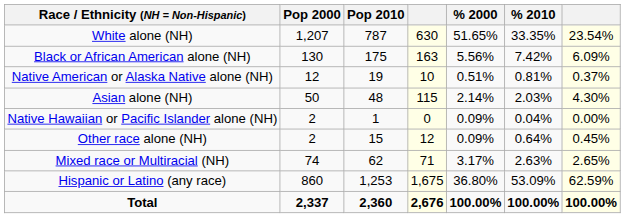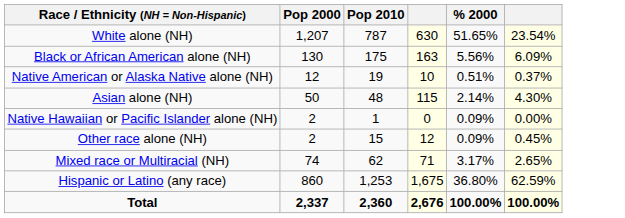 <table class="wikitable" style="text-align:center;">
 <tr>
 <th>Race / Ethnicity <small>(<em>NH = Non-Hispanic</em>)</small></th>
 <th>Pop 2000</th>
 <th>Pop 2010</th>
 <th></th>
 <th>% 2000</th>
-<th>% 2010</th>
 <th></th>
 </tr>
 <tr>
 <td><a href='#'>White</a> alone (NH)</td>
 <td>1,207</td>
 <td>787</td>
 <td style='background: #ffffe6;'>630</td>
 <td>51.65%</td>
-<td>33.35%</td>
 <td style='background: #ffffe6;'>23.54%</td>
 </tr>
 <tr>
 <td><a href='#'>Black or African American</a> alone (NH)</td>
 <td>130</td>
 <td>175</td>
 <td style='background: #ffffe6;'>163</td>
 <td>5.56%</td>
-<td>7.42%</td>
 <td style='background: #ffffe6;'>6.09%</td>
 </tr>
 <tr>
 <td><a href='#'>Native American</a> or <a href='#'>Alaska Native</a> alone (NH)</td>
 <td>12</td>
 <td>19</td>
 <td style='background: #ffffe6;'>10</td>
 <td>0.51%</td>
-<td>0.81%</td>
 <td style='background: #ffffe6;'>0.37%</td>
 </tr>
 <tr>
 <td><a href='#'>Asian</a> alone (NH)</td>
 <td>50</td>
 <td>48</td>
 <td style='background: #ffffe6;'>115</td>
 <td>2.14%</td>
-<td>2.03%</td>
 <td style='background: #ffffe6;'>4.30%</td>
 </tr>
 <tr>
 <td><a href='#'>Native Hawaiian</a> or <a href='#'>Pacific Islander</a> alone (NH)</td>
 <td>2</td>
 <td>1</td>
 <td style='background: #ffffe6;'>0</td>
 <td>0.09%</td>
-<td>0.04%</td>
 <td style='background: #ffffe6;'>0.00%</td>
 </tr>
 <tr>
 <td><a href='#'>Other race</a> alone (NH)</td>
 <td>2</td>
 <td>15</td>
 <td style='background: #ffffe6;'>12</td>
 <td>0.09%</td>
-<td>0.64%</td>
 <td style='background: #ffffe6;'>0.45%</td>
 </tr>
 <tr>
 <td><a href='#'>Mixed race or Multiracial</a> (NH)</td>
 <td>74</td>
 <td>62</td>
 <td style='background: #ffffe6;'>71</td>
 <td>3.17%</td>
-<td>2.63%</td>
 <td style='background: #ffffe6;'>2.65%</td>
 </tr>
 <tr>
 <td><a href='#'>Hispanic or Latino</a> (any race)</td>
 <td>860</td>
 <td>1,253</td>
 <td style='background: #ffffe6;'>1,675</td>
 <td>36.80%</td>
-<td>53.09%</td>
 <td style='background: #ffffe6;'>62.59%</td>
 </tr>
 <tr>
 <td><strong>Total</strong></td>
 <td><strong>2,337</strong></td>
 <td><strong>2,360</strong></td>
 <td style='background: #ffffe6;'><strong>2,676</strong></td>
 <td><strong>100.00%</strong></td>
-<td><strong>100.00%</strong></td>
 <td style='background: #ffffe6;'><strong>100.00%</strong></td>
 </tr>
 </table>
